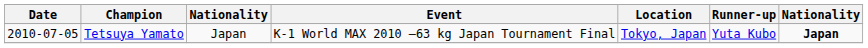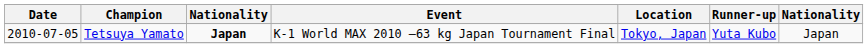 <table class="wikitable" style="text-align:center">
 <tr>
 </tr>
 <tr bgcolor="#dddddd">
 <th>Date</th>
 <th>Champion</th>
 <th>Nationality</th>
 <th>Event</th>
 <th>Location</th>
 <th>Runner-up</th>
 <th>Nationality</th>
 </tr>
 <tr>
 </tr>
 <tr>
 <td>2010-07-05</td>
 <td><a href='#'>Tetsuya Yamato</a></td>
-<td> Japan</td>
+<td><strong> Japan</strong></td>
 <td>K-1 World MAX 2010 –63 kg Japan Tournament Final</td>
 <td><a href='#'>Tokyo, Japan</a></td>
 <td><a href='#'>Yuta Kubo</a></td>
-<td><strong> Japan</strong></td>
+<td> Japan</td>
 </tr>
 <tr>
 </tr>
 </table>
